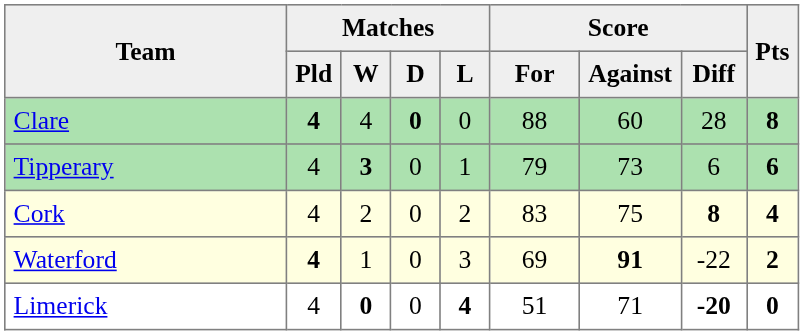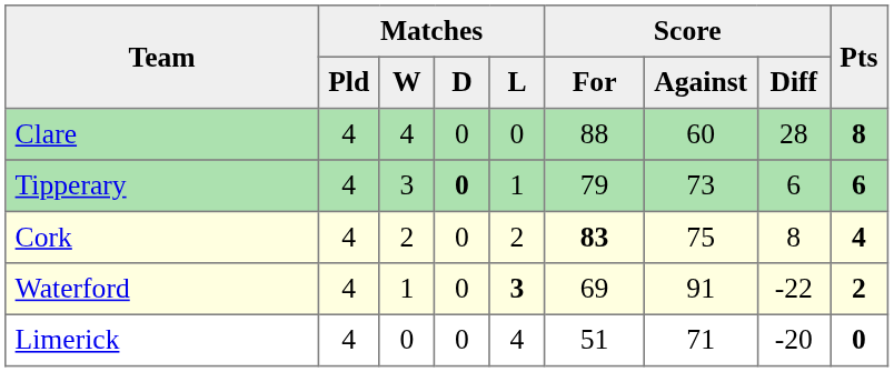 <table style=border-collapse:collapse border=1 cellspacing=0 cellpadding=5>
 <tr align=center bgcolor=#efefef>
 <th rowspan=2 width=165>Team</th>
 <th colspan=4>Matches</th>
 <th colspan=3>Score</th>
 <th rowspan=2width=20>Pts</th>
 </tr>
 <tr align=center bgcolor=#efefef>
 <th width=20>Pld</th>
 <th width=20>W</th>
 <th width=20>D</th>
 <th width=20>L</th>
 <th width=45>For</th>
 <th width=45>Against</th>
 <th width=30>Diff</th>
 </tr>
 <tr align=center style="background:#ACE1AF;">
 <td style="text-align:left;"><a href='#'>Clare</a></td>
-<td><strong>4</strong></td>
 <td>4</td>
-<td><strong>0</strong></td>
+<td>4</td>
+<td>0</td>
 <td>0</td>
 <td>88</td>
 <td>60</td>
 <td>28</td>
 <td><strong>8</strong></td>
 </tr>
 <tr align=center style="background:#ACE1AF;">
 <td style="text-align:left;"><a href='#'>Tipperary</a></td>
 <td>4</td>
-<td><strong>3</strong></td>
-<td>0</td>
+<td>3</td>
+<td><strong>0</strong></td>
 <td>1</td>
 <td>79</td>
 <td>73</td>
 <td>6</td>
 <td><strong>6</strong></td>
 </tr>
 <tr align=center style="background:#FFFFE0;">
 <td style="text-align:left;"><a href='#'>Cork</a></td>
 <td>4</td>
 <td>2</td>
 <td>0</td>
 <td>2</td>
-<td>83</td>
+<td><strong>83</strong></td>
 <td>75</td>
-<td><strong>8</strong></td>
+<td>8</td>
 <td><strong>4</strong></td>
 </tr>
 <tr align=center style="background:#FFFFE0;">
 <td style="text-align:left;"><a href='#'>Waterford</a></td>
-<td><strong>4</strong></td>
+<td>4</td>
 <td>1</td>
 <td>0</td>
-<td>3</td>
+<td><strong>3</strong></td>
 <td>69</td>
-<td><strong>91</strong></td>
+<td>91</td>
 <td>-22</td>
 <td><strong>2</strong></td>
 </tr>
 <tr align=center>
 <td style="text-align:left;"><a href='#'>Limerick</a></td>
 <td>4</td>
-<td><strong>0</strong></td>
 <td>0</td>
-<td><strong>4</strong></td>
+<td>0</td>
+<td>4</td>
 <td>51</td>
 <td>71</td>
-<td><strong>-20</strong></td>
+<td>-20</td>
 <td><strong>0</strong></td>
 </tr>
 </table>
